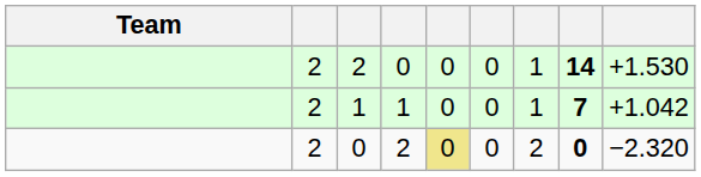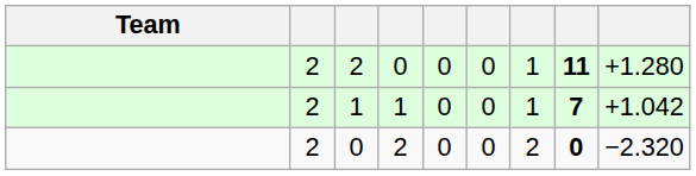 <table class="wikitable" style="text-align:center;">
 <tr>
 <th width="170">Team</th>
 <th width="20"></th>
 <th width="20"></th>
 <th width="20"></th>
 <th width="20"></th>
 <th width="20"></th>
 <th width="20"></th>
 <th width="20"></th>
 <th width="50"><a href='#'></a></th>
 </tr>
 <tr bgcolor="#ddffdd">
 <td align=left></td>
 <td>2</td>
 <td>2</td>
 <td>0</td>
 <td>0</td>
 <td>0</td>
 <td>1</td>
-<td><strong>14</strong></td>
-<td>+1.530</td>
+<td><strong>11</strong></td>
+<td>+1.280</td>
 </tr>
 <tr bgcolor="#ddffdd">
 <td align=left></td>
 <td>2</td>
 <td>1</td>
 <td>1</td>
 <td>0</td>
 <td>0</td>
 <td>1</td>
 <td><strong>7</strong></td>
 <td>+1.042</td>
 </tr>
 <tr>
 <td align=left></td>
 <td>2</td>
 <td>0</td>
 <td>2</td>
-<td style="background: khaki;">0</td>
+<td>0</td>
 <td>0</td>
 <td>2</td>
 <td><strong>0</strong></td>
 <td>−2.320</td>
 </tr>
 </table>
